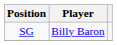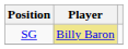 <table class="wikitable" style="text-align: center;">
 <tr>
 <th>Position</th>
 <th>Player</th>
 <th></th>
 </tr>
 <tr>
 <td><a href='#'>SG</a></td>
-<td align="left"> <a href='#'>Billy Baron</a></td>
+<td align="left" style="background: khaki;"> <a href='#'>Billy Baron</a></td>
 <td></td>
 </tr>
 <tr>
 </tr>
 </table>
